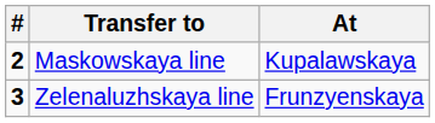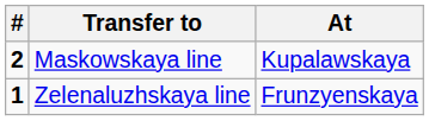 <table class="wikitable" style="border-collapse: collapse; text-align: left;">
 <tr>
 <th>#</th>
 <th>Transfer to</th>
 <th>At</th>
 </tr>
 <tr>
 <td style="background:#"><strong>2</strong></td>
 <td style="text-align: left;"><a href='#'>Maskowskaya line</a></td>
 <td><a href='#'>Kupalawskaya</a></td>
 </tr>
 <tr>
-<td style="background:#"><strong>3</strong></td>
+<td style="background:#"><strong>1</strong></td>
 <td style="text-align: left;"><a href='#'>Zelenaluzhskaya line</a></td>
 <td><a href='#'>Frunzyenskaya</a></td>
 </tr>
 </table>
